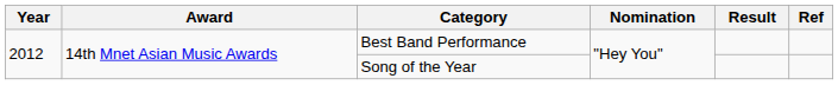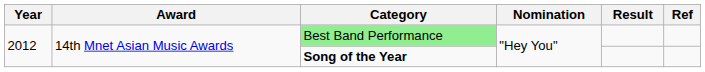 <table class="wikitable" style="width:850px">
 <tr>
 <th>Year</th>
 <th>Award</th>
 <th>Category</th>
 <th>Nomination</th>
 <th>Result</th>
 <th>Ref</th>
 </tr>
 <tr>
 <td rowspan=2>2012</td>
 <td rowspan=2>14th <a href='#'>Mnet Asian Music Awards</a></td>
-<td>Best Band Performance</td>
+<td style="background: lightgreen;">Best Band Performance</td>
 <td rowspan=2>"Hey You"</td>
 <td></td>
 <td align=center></td>
 </tr>
 <tr>
-<td>Song of the Year</td>
+<td><strong>Song of the Year</strong></td>
 <td></td>
 <td align=center></td>
 </tr>
 </table>
